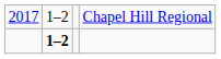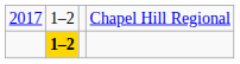 <table class="wikitable">
 <tr>
 <td><a href='#'>2017</a></td>
 <td>1–2</td>
 <td></td>
 <td><a href='#'>Chapel Hill Regional</a></td>
 </tr>
 <tr>
 <td></td>
-<td><strong>1–2</strong></td>
+<td style="background: gold;"><strong>1–2</strong></td>
 <td><strong></strong></td>
 <td></td>
 </tr>
 </table>
